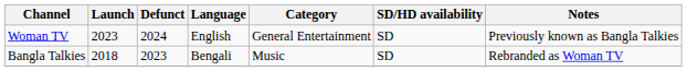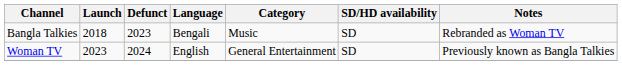 <table class="wikitable" style="text-align:middle;">
 <tr>
 <th>Channel</th>
 <th>Launch</th>
 <th>Defunct</th>
 <th>Language</th>
 <th>Category</th>
 <th>SD/HD availability</th>
 <th>Notes</th>
 </tr>
 <tr>
+<td>Bangla Talkies</td>
+<td>2018</td>
+<td>2023</td>
+<td>Bengali</td>
+<td>Music</td>
+<td>SD</td>
+<td>Rebranded as <a href='#'>Woman TV</a></td>
+</tr>
+<tr>
 <td><a href='#'>Woman TV</a></td>
 <td>2023</td>
 <td>2024</td>
 <td>English</td>
 <td>General Entertainment</td>
 <td>SD</td>
 <td>Previously known as Bangla Talkies</td>
 </tr>
 <tr>
-<td>Bangla Talkies</td>
-<td>2018</td>
-<td>2023</td>
-<td>Bengali</td>
-<td>Music</td>
-<td>SD</td>
-<td>Rebranded as <a href='#'>Woman TV</a></td>
-</tr>
-<tr>
 </tr>
 </table>
